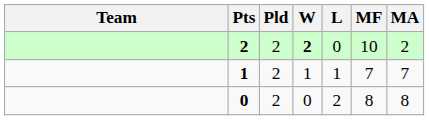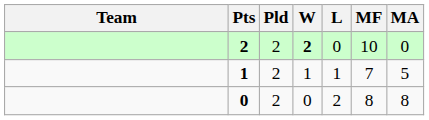 <table class=wikitable style="text-align:center">
 <tr>
 <th width=200>Team</th>
 <th width=20>Pts</th>
 <th width=20>Pld</th>
 <th width=20>W</th>
 <th width=20>L</th>
 <th width=20>MF</th>
 <th width=20>MA</th>
 </tr>
 <tr bgcolor=ccffcc>
 <td style="text-align:left"><strong></strong></td>
 <td><strong>2</strong></td>
 <td>2</td>
 <td><strong>2</strong></td>
 <td>0</td>
 <td>10</td>
-<td>2</td>
+<td>0</td>
 </tr>
 <tr>
 <td style="text-align:left"></td>
 <td><strong>1</strong></td>
 <td>2</td>
 <td>1</td>
 <td>1</td>
 <td>7</td>
-<td>7</td>
+<td>5</td>
 </tr>
 <tr>
 <td style="text-align:left"></td>
 <td><strong>0</strong></td>
 <td>2</td>
 <td>0</td>
 <td>2</td>
 <td>8</td>
 <td>8</td>
 </tr>
 </table>
